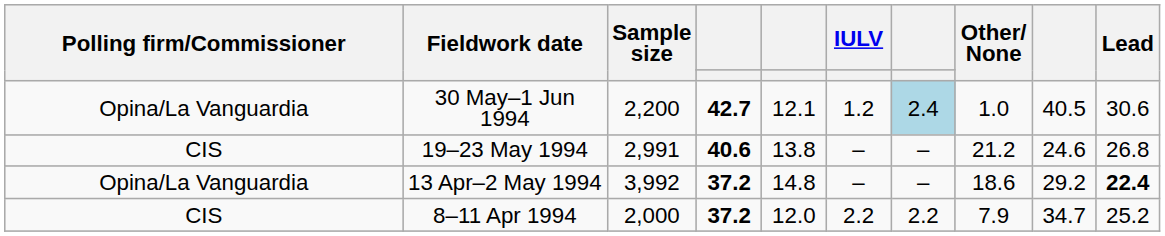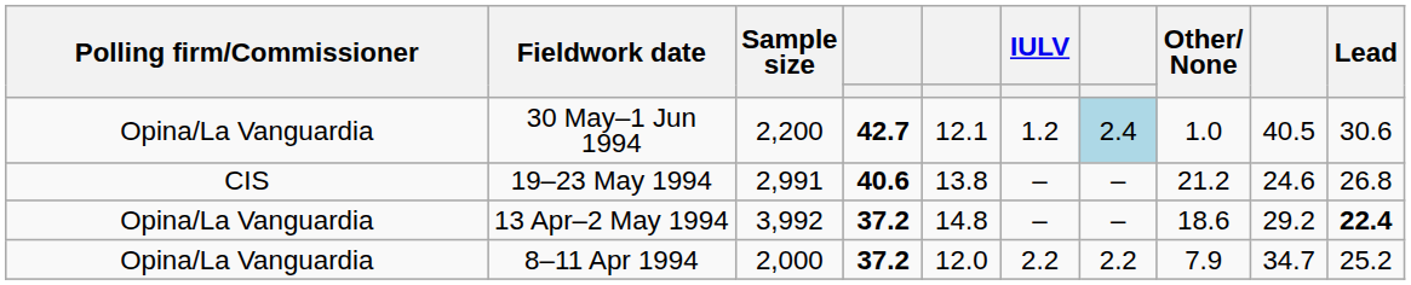 <table class="wikitable collapsible collapsed" style="text-align:center; font-size:90%; line-height:14px;">
 <tr style="height:42px;">
 <th style="width:250px;" rowspan="2">Polling firm/Commissioner</th>
 <th style="width:125px;" rowspan="2">Fieldwork date</th>
 <th style="width:50px;" rowspan="2">Sample size</th>
 <th style="width:35px;"></th>
 <th style="width:35px;"></th>
 <th style="width:35px;"><a href='#'>IULV</a></th>
 <th style="width:35px;"></th>
 <th style="width:35px;" rowspan="2">Other/<br>None</th>
 <th style="width:35px;" rowspan="2"></th>
 <th style="width:30px;" rowspan="2">Lead</th>
 </tr>
 <tr>
 <th style="color:inherit;background:"></th>
 <th style="color:inherit;background:"></th>
 <th style="color:inherit;background:"></th>
 <th style="color:inherit;background:"></th>
 </tr>
 <tr>
 <td>Opina/La Vanguardia</td>
 <td>30 May–1 Jun 1994</td>
 <td>2,200</td>
 <td><strong>42.7</strong></td>
 <td>12.1</td>
 <td>1.2</td>
 <td style="background: lightblue;">2.4</td>
 <td>1.0</td>
 <td>40.5</td>
 <td style="background:">30.6</td>
 </tr>
 <tr>
 <td>CIS</td>
 <td>19–23 May 1994</td>
 <td>2,991</td>
 <td><strong>40.6</strong></td>
 <td>13.8</td>
 <td>–</td>
 <td>–</td>
 <td>21.2</td>
 <td>24.6</td>
 <td style="background:">26.8</td>
 </tr>
 <tr>
 <td>Opina/La Vanguardia</td>
 <td>13 Apr–2 May 1994</td>
 <td>3,992</td>
 <td><strong>37.2</strong></td>
 <td>14.8</td>
 <td>–</td>
 <td>–</td>
 <td>18.6</td>
 <td>29.2</td>
 <td style="background:"><strong>22.4</strong></td>
 </tr>
 <tr>
-<td>CIS</td>
+<td>Opina/La Vanguardia</td>
 <td>8–11 Apr 1994</td>
 <td>2,000</td>
 <td><strong>37.2</strong></td>
 <td>12.0</td>
 <td>2.2</td>
 <td>2.2</td>
 <td>7.9</td>
 <td>34.7</td>
 <td style="background:">25.2</td>
 </tr>
 </table>
